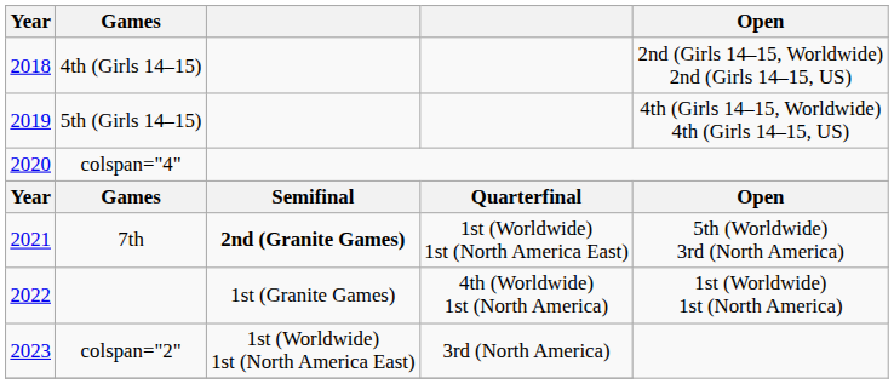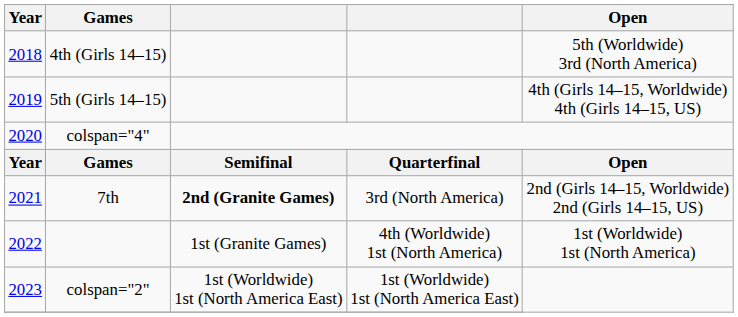 <table class="wikitable" style="text-align:center">
 <tr>
 <th>Year</th>
 <th>Games</th>
 <th></th>
 <th></th>
 <th>Open</th>
 </tr>
 <tr>
 <td><a href='#'>2018</a></td>
 <td>4th (Girls 14–15)</td>
 <td></td>
 <td></td>
-<td>2nd (Girls 14–15, Worldwide)<br>2nd (Girls 14–15, US)</td>
+<td>5th (Worldwide)<br>3rd (North America)</td>
 </tr>
 <tr>
 <td><a href='#'>2019</a></td>
 <td>5th (Girls 14–15)</td>
 <td></td>
 <td></td>
 <td>4th (Girls 14–15, Worldwide)<br>4th (Girls 14–15, US)</td>
 </tr>
 <tr>
 <td><a href='#'>2020</a></td>
 <td>colspan="4" </td>
 </tr>
 <tr>
 <th>Year</th>
 <th>Games</th>
 <th>Semifinal</th>
 <th>Quarterfinal</th>
 <th>Open</th>
 </tr>
 <tr>
 <td><a href='#'>2021</a></td>
 <td>7th</td>
 <td><strong>2nd (Granite Games)</strong></td>
-<td>1st (Worldwide)<br>1st (North America East)</td>
-<td>5th (Worldwide)<br>3rd (North America)</td>
+<td>3rd (North America)</td>
+<td>2nd (Girls 14–15, Worldwide)<br>2nd (Girls 14–15, US)</td>
 </tr>
 <tr>
 <td><a href='#'>2022</a></td>
 <td></td>
 <td>1st (Granite Games)</td>
 <td>4th (Worldwide)<br>1st (North America)</td>
 <td>1st (Worldwide)<br>1st (North America)</td>
 </tr>
 <tr>
 <td><a href='#'>2023</a></td>
 <td>colspan="2" </td>
 <td>1st (Worldwide)<br>1st (North America East)</td>
-<td>3rd (North America)</td>
+<td>1st (Worldwide)<br>1st (North America East)</td>
 </tr>
 <tr>
 </tr>
 </table>
